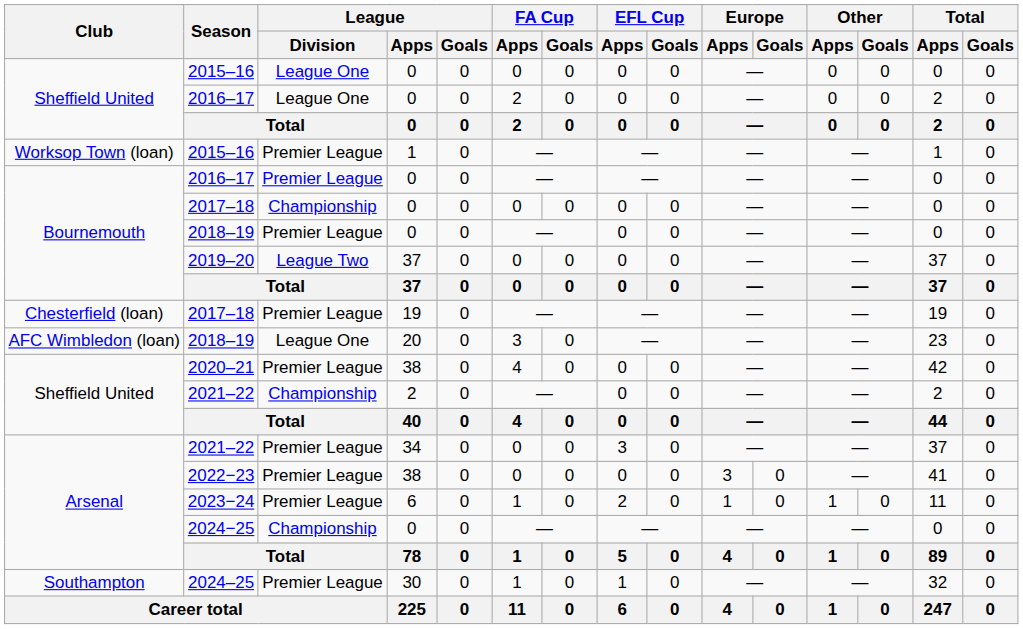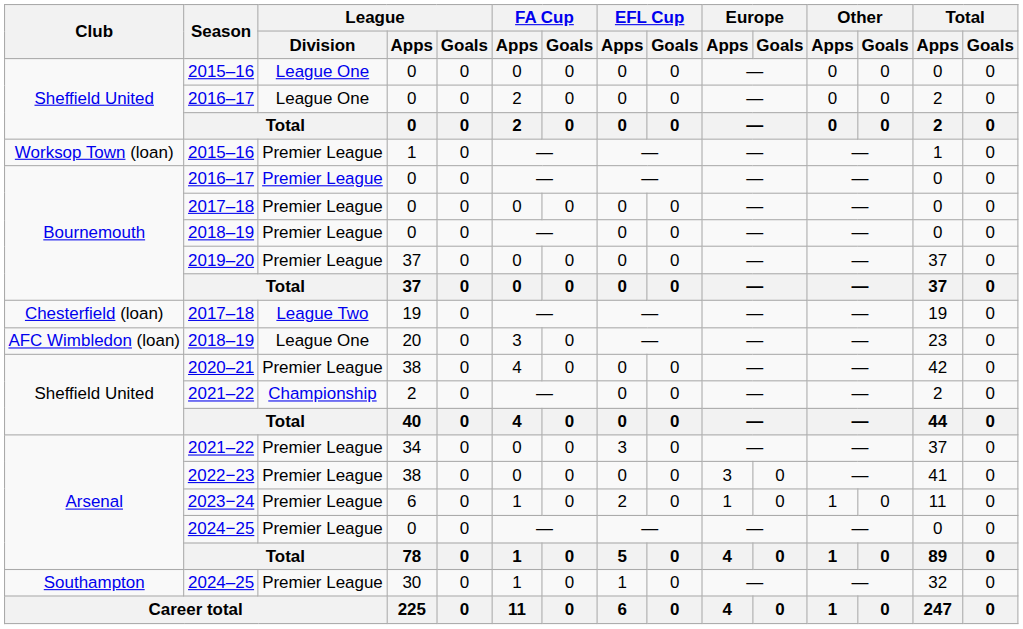 <table class="wikitable" style="text-align: center;">
 <tr>
 <th rowspan="2">Club</th>
 <th rowspan="2">Season</th>
 <th colspan="3">League</th>
 <th colspan="2"><a href='#'>FA Cup</a></th>
 <th colspan="2"><a href='#'>EFL Cup</a></th>
 <th colspan="2">Europe</th>
 <th colspan="2">Other</th>
 <th colspan="2">Total</th>
 </tr>
 <tr>
 <th>Division</th>
 <th>Apps</th>
 <th>Goals</th>
 <th>Apps</th>
 <th>Goals</th>
 <th>Apps</th>
 <th>Goals</th>
 <th>Apps</th>
 <th>Goals</th>
 <th>Apps</th>
 <th>Goals</th>
 <th>Apps</th>
 <th>Goals</th>
 </tr>
 <tr>
 <td rowspan="3"><a href='#'>Sheffield United</a></td>
 <td><a href='#'>2015–16</a></td>
 <td><a href='#'>League One</a></td>
 <td>0</td>
 <td>0</td>
 <td>0</td>
 <td>0</td>
 <td>0</td>
 <td>0</td>
 <td colspan="2">—</td>
 <td>0</td>
 <td>0</td>
 <td>0</td>
 <td>0</td>
 </tr>
 <tr>
 <td><a href='#'>2016–17</a></td>
 <td>League One</td>
 <td>0</td>
 <td>0</td>
 <td>2</td>
 <td>0</td>
 <td>0</td>
 <td>0</td>
 <td colspan="2">—</td>
 <td>0</td>
 <td>0</td>
 <td>2</td>
 <td>0</td>
 </tr>
 <tr>
 <th colspan="2">Total</th>
 <th>0</th>
 <th>0</th>
 <th>2</th>
 <th>0</th>
 <th>0</th>
 <th>0</th>
 <th colspan="2">—</th>
 <th>0</th>
 <th>0</th>
 <th>2</th>
 <th>0</th>
 </tr>
 <tr>
 <td><a href='#'>Worksop Town</a> (loan)</td>
 <td><a href='#'>2015–16</a></td>
 <td>Premier League</td>
 <td>1</td>
 <td>0</td>
 <td colspan="2">—</td>
 <td colspan="2">—</td>
 <td colspan="2">—</td>
 <td colspan="2">—</td>
 <td>1</td>
 <td>0</td>
 </tr>
 <tr>
 <td rowspan="5"><a href='#'>Bournemouth</a></td>
 <td><a href='#'>2016–17</a></td>
 <td><a href='#'>Premier League</a></td>
 <td>0</td>
 <td>0</td>
 <td colspan="2">—</td>
 <td colspan="2">—</td>
 <td colspan="2">—</td>
 <td colspan="2">—</td>
 <td>0</td>
 <td>0</td>
 </tr>
 <tr>
 <td><a href='#'>2017–18</a></td>
-<td><a href='#'>Championship</a></td>
+<td>Premier League</td>
 <td>0</td>
 <td>0</td>
 <td>0</td>
 <td>0</td>
 <td>0</td>
 <td>0</td>
 <td colspan="2">—</td>
 <td colspan="2">—</td>
 <td>0</td>
 <td>0</td>
 </tr>
 <tr>
 <td><a href='#'>2018–19</a></td>
 <td>Premier League</td>
 <td>0</td>
 <td>0</td>
 <td colspan="2">—</td>
 <td>0</td>
 <td>0</td>
 <td colspan="2">—</td>
 <td colspan="2">—</td>
 <td>0</td>
 <td>0</td>
 </tr>
 <tr>
 <td><a href='#'>2019–20</a></td>
-<td><a href='#'>League Two</a></td>
+<td>Premier League</td>
 <td>37</td>
 <td>0</td>
 <td>0</td>
 <td>0</td>
 <td>0</td>
 <td>0</td>
 <td colspan="2">—</td>
 <td colspan="2">—</td>
 <td>37</td>
 <td>0</td>
 </tr>
 <tr>
 <th colspan="2">Total</th>
 <th>37</th>
 <th>0</th>
 <th>0</th>
 <th>0</th>
 <th>0</th>
 <th>0</th>
 <th colspan="2">—</th>
 <th colspan="2">—</th>
 <th>37</th>
 <th>0</th>
 </tr>
 <tr>
 <td><a href='#'>Chesterfield</a> (loan)</td>
 <td><a href='#'>2017–18</a></td>
-<td>Premier League</td>
+<td><a href='#'>League Two</a></td>
 <td>19</td>
 <td>0</td>
 <td colspan="2">—</td>
 <td colspan="2">—</td>
 <td colspan="2">—</td>
 <td colspan="2">—</td>
 <td>19</td>
 <td>0</td>
 </tr>
 <tr>
 <td><a href='#'>AFC Wimbledon</a> (loan)</td>
 <td><a href='#'>2018–19</a></td>
 <td>League One</td>
 <td>20</td>
 <td>0</td>
 <td>3</td>
 <td>0</td>
 <td colspan="2">—</td>
 <td colspan="2">—</td>
 <td colspan="2">—</td>
 <td>23</td>
 <td>0</td>
 </tr>
 <tr>
 <td rowspan="3">Sheffield United</td>
 <td><a href='#'>2020–21</a></td>
 <td>Premier League</td>
 <td>38</td>
 <td>0</td>
 <td>4</td>
 <td>0</td>
 <td>0</td>
 <td>0</td>
 <td colspan="2">—</td>
 <td colspan="2">—</td>
 <td>42</td>
 <td>0</td>
 </tr>
 <tr>
 <td><a href='#'>2021–22</a></td>
 <td><a href='#'>Championship</a></td>
 <td>2</td>
 <td>0</td>
 <td colspan="2">—</td>
 <td>0</td>
 <td>0</td>
 <td colspan="2">—</td>
 <td colspan="2">—</td>
 <td>2</td>
 <td>0</td>
 </tr>
 <tr>
 <th colspan="2">Total</th>
 <th>40</th>
 <th>0</th>
 <th>4</th>
 <th>0</th>
 <th>0</th>
 <th>0</th>
 <th colspan="2">—</th>
 <th colspan="2">—</th>
 <th>44</th>
 <th>0</th>
 </tr>
 <tr>
 <td rowspan="5"><a href='#'>Arsenal</a></td>
 <td><a href='#'>2021–22</a></td>
 <td>Premier League</td>
 <td>34</td>
 <td>0</td>
 <td>0</td>
 <td>0</td>
 <td>3</td>
 <td>0</td>
 <td colspan="2">—</td>
 <td colspan="2">—</td>
 <td>37</td>
 <td>0</td>
 </tr>
 <tr>
 <td><a href='#'>2022−23</a></td>
 <td>Premier League</td>
 <td>38</td>
 <td>0</td>
 <td>0</td>
 <td>0</td>
 <td>0</td>
 <td>0</td>
 <td>3</td>
 <td>0</td>
 <td colspan="2">—</td>
 <td>41</td>
 <td>0</td>
 </tr>
 <tr>
 <td><a href='#'>2023−24</a></td>
 <td>Premier League</td>
 <td>6</td>
 <td>0</td>
 <td>1</td>
 <td>0</td>
 <td>2</td>
 <td>0</td>
 <td>1</td>
 <td>0</td>
 <td>1</td>
 <td>0</td>
 <td>11</td>
 <td>0</td>
 </tr>
 <tr>
 <td><a href='#'>2024−25</a></td>
-<td><a href='#'>Championship</a></td>
+<td>Premier League</td>
 <td>0</td>
 <td>0</td>
 <td colspan="2">—</td>
 <td colspan="2">—</td>
 <td colspan="2">—</td>
 <td colspan="2">—</td>
 <td>0</td>
 <td>0</td>
 </tr>
 <tr>
 <th colspan="2">Total</th>
 <th>78</th>
 <th>0</th>
 <th>1</th>
 <th>0</th>
 <th>5</th>
 <th>0</th>
 <th>4</th>
 <th>0</th>
 <th>1</th>
 <th>0</th>
 <th>89</th>
 <th>0</th>
 </tr>
 <tr>
 <td><a href='#'>Southampton</a></td>
 <td><a href='#'>2024–25</a></td>
 <td>Premier League</td>
 <td>30</td>
 <td>0</td>
 <td>1</td>
 <td>0</td>
 <td>1</td>
 <td>0</td>
 <td colspan="2">—</td>
 <td colspan="2">—</td>
 <td>32</td>
 <td>0</td>
 </tr>
 <tr>
 <th colspan="3">Career total</th>
 <th>225</th>
 <th>0</th>
 <th>11</th>
 <th>0</th>
 <th>6</th>
 <th>0</th>
 <th>4</th>
 <th>0</th>
 <th>1</th>
 <th>0</th>
 <th>247</th>
 <th>0</th>
 </tr>
 </table>
